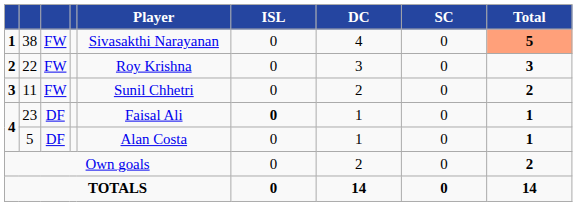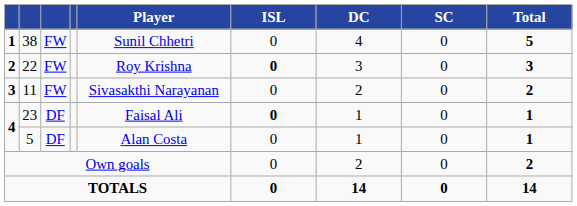 <table class="wikitable" style="font-size: 95%; text-align: center;">
 <tr>
 <th rowspan="1" !width=15 style="background:#2545A0; color:#FFFFFF; "></th>
 <th rowspan="1" !width=15 style="background:#2545A0; color:#FFFFFF; "></th>
 <th rowspan="1" !width=15 style="background:#2545A0; color:#FFFFFF; "></th>
 <th rowspan="1" !width=15 style="background:#2545A0; color:#FFFFFF; "></th>
 <th width=150 style="background:#2545A0; color:#FFFFFF; ">Player</th>
 <th width=80 style="background:#2545A0; color:#FFFFFF; ">ISL</th>
 <th width=80 style="background:#2545A0; color:#FFFFFF; ">DC</th>
 <th width=80 style="background:#2545A0; color:#FFFFFF; ">SC</th>
 <th width=80 style="background:#2545A0; color:#FFFFFF; ">Total</th>
 </tr>
 <tr>
 <td><strong>1</strong></td>
 <td>38</td>
 <td><a href='#'>FW</a></td>
 <td></td>
-<td><a href='#'>Sivasakthi Narayanan</a></td>
+<td><a href='#'>Sunil Chhetri</a></td>
 <td>0</td>
 <td>4</td>
 <td>0</td>
-<td style="background: lightsalmon;"><strong>5</strong></td>
+<td><strong>5</strong></td>
 </tr>
 <tr>
 <td><strong>2</strong></td>
 <td>22</td>
 <td><a href='#'>FW</a></td>
 <td></td>
 <td><a href='#'>Roy Krishna</a></td>
-<td>0</td>
+<td><strong>0</strong></td>
 <td>3</td>
 <td>0</td>
 <td><strong>3</strong></td>
 </tr>
 <tr>
 <td><strong>3</strong></td>
 <td>11</td>
 <td><a href='#'>FW</a></td>
 <td></td>
-<td><a href='#'>Sunil Chhetri</a></td>
+<td><a href='#'>Sivasakthi Narayanan</a></td>
 <td>0</td>
 <td>2</td>
 <td>0</td>
 <td><strong>2</strong></td>
 </tr>
 <tr>
 <td rowspan=2><strong>4</strong></td>
 <td>23</td>
 <td><a href='#'>DF</a></td>
 <td></td>
 <td><a href='#'>Faisal Ali</a></td>
 <td><strong>0</strong></td>
 <td>1</td>
 <td>0</td>
 <td><strong>1</strong></td>
 </tr>
 <tr>
 <td>5</td>
 <td><a href='#'>DF</a></td>
 <td></td>
 <td><a href='#'>Alan Costa</a></td>
 <td>0</td>
 <td>1</td>
 <td>0</td>
 <td><strong>1</strong></td>
 </tr>
 <tr>
 <td colspan=5><a href='#'>Own goals</a></td>
 <td>0</td>
 <td>2</td>
 <td>0</td>
 <td><strong>2</strong></td>
 </tr>
 <tr>
 <td colspan="5"><strong>TOTALS</strong></td>
 <td><strong>0</strong></td>
 <td><strong>14</strong></td>
 <td><strong>0</strong></td>
 <td><strong>14</strong></td>
 </tr>
 </table>
